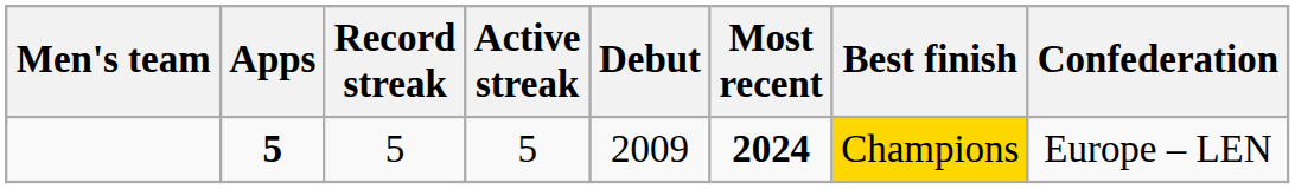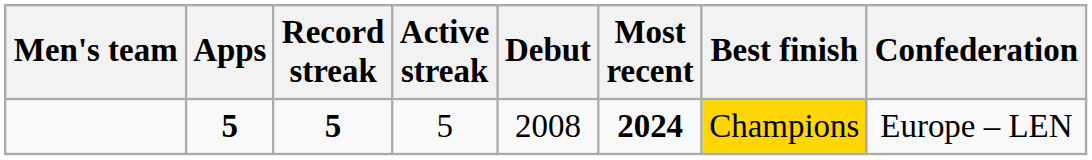 <table class="wikitable" style="text-align: center; font-size: 90%; margin-left: 1em;">
 <tr>
 <th>Men's team</th>
 <th>Apps</th>
 <th>Record<br>streak</th>
 <th>Active<br>streak</th>
 <th>Debut</th>
 <th>Most<br>recent</th>
 <th>Best finish</th>
 <th>Confederation</th>
 </tr>
 <tr>
 <td style="text-align: left;"></td>
 <td><strong>5</strong></td>
+<td><strong>5</strong></td>
 <td>5</td>
-<td>5</td>
-<td>2009</td>
+<td>2008</td>
 <td><strong>2024</strong></td>
 <td style="background-color: gold;">Champions</td>
 <td>Europe – LEN</td>
 </tr>
 </table>
